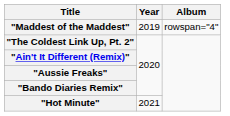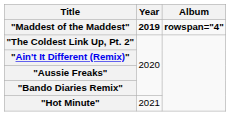 <table class="wikitable plainrowheaders" style="text-align:center;">
 <tr>
 <th>Title</th>
 <th>Year</th>
 <th>Album</th>
 </tr>
 <tr>
 <th scope="row">"Maddest of the Maddest"<br></th>
-<td>2019</td>
-<td>rowspan="4" </td>
+<td><strong>2019</strong></td>
+<td><strong>rowspan="4" </strong></td>
 </tr>
 <tr>
 <th scope="row">"The Coldest Link Up, Pt. 2"<br></th>
 <td rowspan="4">2020</td>
 </tr>
 <tr>
 <th scope="row">"<a href='#'>Ain't It Different (Remix)</a>"<br></th>
 </tr>
 <tr>
 <th scope="row">"Aussie Freaks"<br></th>
 </tr>
 <tr>
 <th scope="row">"Bando Diaries Remix"<br></th>
 </tr>
 <tr>
 <th scope="row">"Hot Minute"<br></th>
 <td>2021</td>
 </tr>
 </table>
